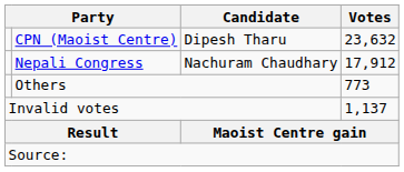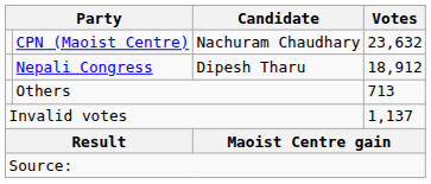 <table class="wikitable">
 <tr>
 <th colspan="2">Party</th>
 <th>Candidate</th>
 <th>Votes</th>
 </tr>
 <tr>
 <td style="background-color:"></td>
 <td><a href='#'>CPN (Maoist Centre)</a></td>
-<td>Dipesh Tharu</td>
+<td>Nachuram Chaudhary</td>
 <td>23,632</td>
 </tr>
 <tr>
 <td style="background-color:"></td>
 <td><a href='#'>Nepali Congress</a></td>
-<td>Nachuram Chaudhary</td>
-<td>17,912</td>
+<td>Dipesh Tharu</td>
+<td>18,912</td>
 </tr>
 <tr>
 <td></td>
 <td colspan="2">Others</td>
-<td>773</td>
+<td>713</td>
 </tr>
 <tr>
 <td colspan="3">Invalid votes</td>
 <td>1,137</td>
 </tr>
 <tr>
 <th colspan="2">Result</th>
 <th colspan="2">Maoist Centre gain</th>
 </tr>
 <tr>
 <td colspan="4">Source: </td>
 </tr>
 </table>
